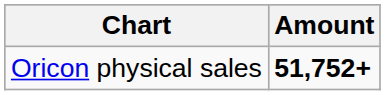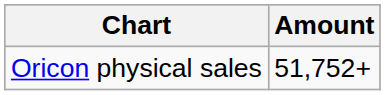 <table class="wikitable">
 <tr>
 <th>Chart</th>
 <th>Amount</th>
 </tr>
 <tr>
 <td><a href='#'>Oricon</a> physical sales</td>
-<td><strong>51,752+</strong></td>
+<td>51,752+</td>
 </tr>
 </table>
